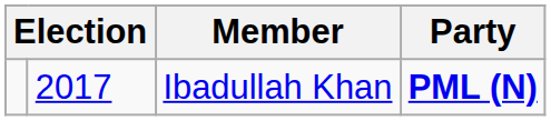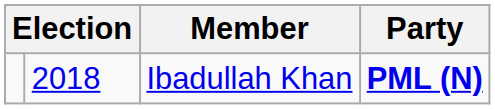 <table class="wikitable">
 <tr>
 <th colspan="2">Election</th>
 <th>Member</th>
 <th>Party</th>
 </tr>
 <tr>
 <td style="background-color: "></td>
-<td><a href='#'>2017</a></td>
+<td><a href='#'>2018</a></td>
 <td><a href='#'>Ibadullah Khan</a></td>
 <td><strong><a href='#'>PML (N)</a></strong></td>
 </tr>
 </table>
